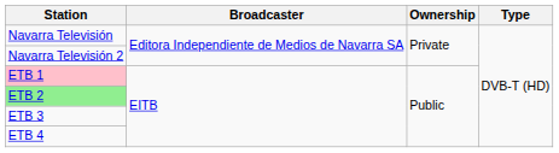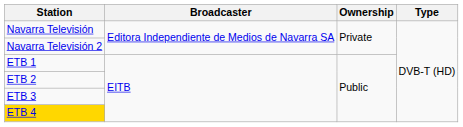 <table class="wikitable">
 <tr>
 <th>Station</th>
 <th>Broadcaster</th>
 <th>Ownership</th>
 <th>Type</th>
 </tr>
 <tr>
 <td><a href='#'>Navarra Televisión</a></td>
 <td rowspan="2"><a href='#'>Editora Independiente de Medios de Navarra SA</a></td>
 <td rowspan="2">Private</td>
 <td rowspan="6">DVB-T (HD)</td>
 </tr>
 <tr>
 <td><a href='#'>Navarra Televisión 2</a></td>
 </tr>
 <tr>
-<td style="background: pink;"><a href='#'>ETB 1</a></td>
+<td><a href='#'>ETB 1</a></td>
 <td rowspan="4"><a href='#'>EITB</a></td>
 <td rowspan="4">Public</td>
 </tr>
 <tr>
-<td style="background: lightgreen;"><a href='#'>ETB 2</a></td>
+<td><a href='#'>ETB 2</a></td>
 </tr>
 <tr>
 <td><a href='#'>ETB 3</a></td>
 </tr>
 <tr>
-<td><a href='#'>ETB 4</a></td>
+<td style="background: gold;"><a href='#'>ETB 4</a></td>
 </tr>
 </table>
